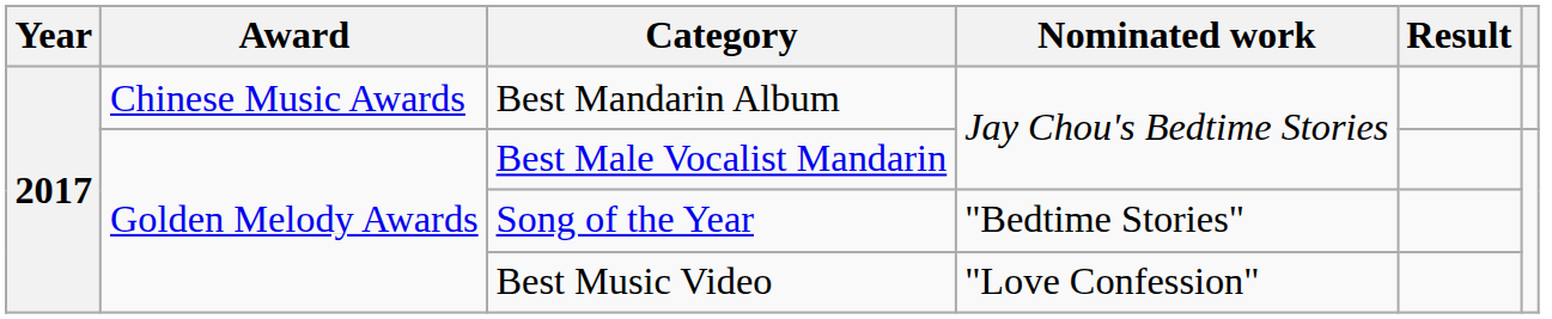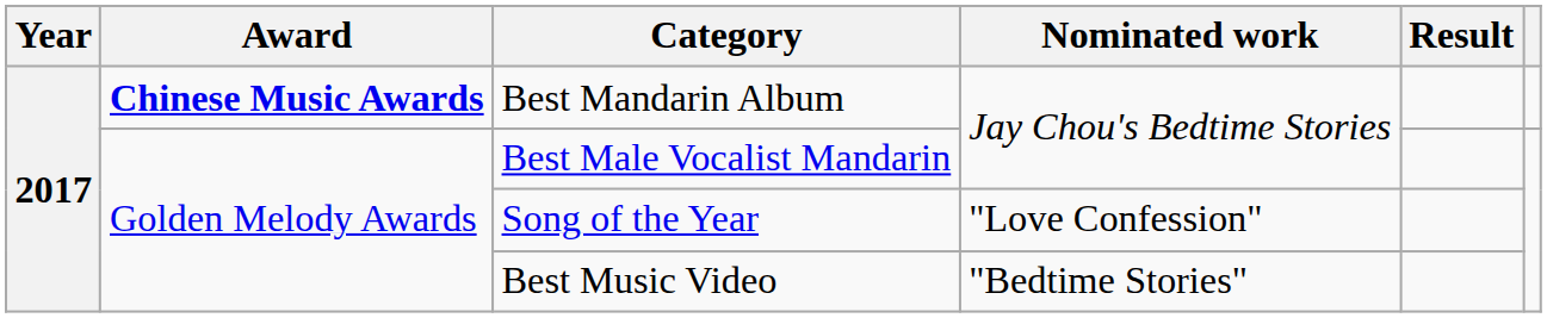 <table class="wikitable plainrowheaders">
 <tr>
 <th>Year</th>
 <th>Award</th>
 <th>Category</th>
 <th>Nominated work</th>
 <th>Result</th>
 <th></th>
 </tr>
 <tr>
 <th scope="row" rowspan="4">2017</th>
-<td><a href='#'>Chinese Music Awards</a></td>
+<td><strong><a href='#'>Chinese Music Awards</a></strong></td>
 <td>Best Mandarin Album</td>
 <td rowspan="2"><em>Jay Chou's Bedtime Stories</em></td>
 <td></td>
 <td align="center"></td>
 </tr>
 <tr>
 <td rowspan="3"><a href='#'>Golden Melody Awards</a></td>
 <td><a href='#'>Best Male Vocalist Mandarin</a></td>
 <td></td>
 <td rowspan="3" align="center"></td>
 </tr>
 <tr>
 <td><a href='#'>Song of the Year</a></td>
-<td>"Bedtime Stories"</td>
+<td>"Love Confession"</td>
 <td></td>
 </tr>
 <tr>
 <td>Best Music Video</td>
-<td>"Love Confession"</td>
+<td>"Bedtime Stories"</td>
 <td></td>
 </tr>
 </table>
